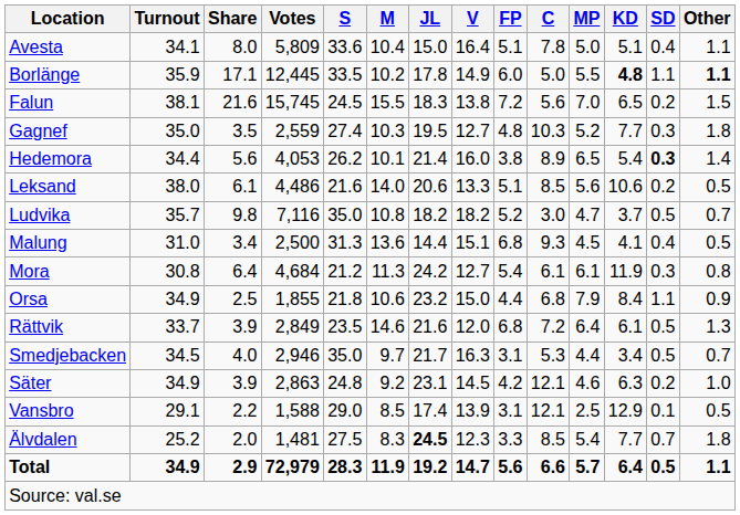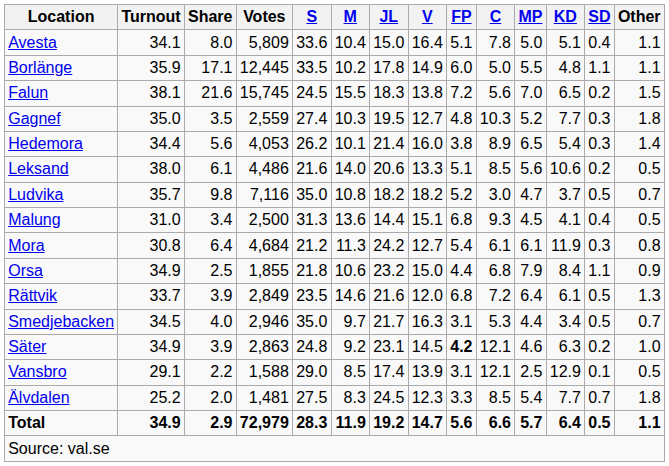 <table class="wikitable sortable" style=text-align:right>
 <tr>
 <th>Location</th>
 <th>Turnout</th>
 <th>Share</th>
 <th>Votes</th>
 <th><a href='#'>S</a></th>
 <th><a href='#'>M</a></th>
 <th><a href='#'>JL</a></th>
 <th><a href='#'>V</a></th>
 <th><a href='#'>FP</a></th>
 <th><a href='#'>C</a></th>
 <th><a href='#'>MP</a></th>
 <th><a href='#'>KD</a></th>
 <th><a href='#'>SD</a></th>
 <th>Other</th>
 </tr>
 <tr>
 <td align=left><a href='#'>Avesta</a></td>
 <td>34.1</td>
 <td>8.0</td>
 <td>5,809</td>
 <td>33.6</td>
 <td>10.4</td>
 <td>15.0</td>
 <td>16.4</td>
 <td>5.1</td>
 <td>7.8</td>
 <td>5.0</td>
 <td>5.1</td>
 <td>0.4</td>
 <td>1.1</td>
 </tr>
 <tr>
 <td align=left><a href='#'>Borlänge</a></td>
 <td>35.9</td>
 <td>17.1</td>
 <td>12,445</td>
 <td>33.5</td>
 <td>10.2</td>
 <td>17.8</td>
 <td>14.9</td>
 <td>6.0</td>
 <td>5.0</td>
 <td>5.5</td>
-<td><strong>4.8</strong></td>
+<td>4.8</td>
 <td>1.1</td>
-<td><strong>1.1</strong></td>
+<td>1.1</td>
 </tr>
 <tr>
 <td align=left><a href='#'>Falun</a></td>
 <td>38.1</td>
 <td>21.6</td>
 <td>15,745</td>
 <td>24.5</td>
 <td>15.5</td>
 <td>18.3</td>
 <td>13.8</td>
 <td>7.2</td>
 <td>5.6</td>
 <td>7.0</td>
 <td>6.5</td>
 <td>0.2</td>
 <td>1.5</td>
 </tr>
 <tr>
 <td align=left><a href='#'>Gagnef</a></td>
 <td>35.0</td>
 <td>3.5</td>
 <td>2,559</td>
 <td>27.4</td>
 <td>10.3</td>
 <td>19.5</td>
 <td>12.7</td>
 <td>4.8</td>
 <td>10.3</td>
 <td>5.2</td>
 <td>7.7</td>
 <td>0.3</td>
 <td>1.8</td>
 </tr>
 <tr>
 <td align=left><a href='#'>Hedemora</a></td>
 <td>34.4</td>
 <td>5.6</td>
 <td>4,053</td>
 <td>26.2</td>
 <td>10.1</td>
 <td>21.4</td>
 <td>16.0</td>
 <td>3.8</td>
 <td>8.9</td>
 <td>6.5</td>
 <td>5.4</td>
-<td><strong>0.3</strong></td>
+<td>0.3</td>
 <td>1.4</td>
 </tr>
 <tr>
 <td align=left><a href='#'>Leksand</a></td>
 <td>38.0</td>
 <td>6.1</td>
 <td>4,486</td>
 <td>21.6</td>
 <td>14.0</td>
 <td>20.6</td>
 <td>13.3</td>
 <td>5.1</td>
 <td>8.5</td>
 <td>5.6</td>
 <td>10.6</td>
 <td>0.2</td>
 <td>0.5</td>
 </tr>
 <tr>
 <td align=left><a href='#'>Ludvika</a></td>
 <td>35.7</td>
 <td>9.8</td>
 <td>7,116</td>
 <td>35.0</td>
 <td>10.8</td>
 <td>18.2</td>
 <td>18.2</td>
 <td>5.2</td>
 <td>3.0</td>
 <td>4.7</td>
 <td>3.7</td>
 <td>0.5</td>
 <td>0.7</td>
 </tr>
 <tr>
 <td align=left><a href='#'>Malung</a></td>
 <td>31.0</td>
 <td>3.4</td>
 <td>2,500</td>
 <td>31.3</td>
 <td>13.6</td>
 <td>14.4</td>
 <td>15.1</td>
 <td>6.8</td>
 <td>9.3</td>
 <td>4.5</td>
 <td>4.1</td>
 <td>0.4</td>
 <td>0.5</td>
 </tr>
 <tr>
 <td align=left><a href='#'>Mora</a></td>
 <td>30.8</td>
 <td>6.4</td>
 <td>4,684</td>
 <td>21.2</td>
 <td>11.3</td>
 <td>24.2</td>
 <td>12.7</td>
 <td>5.4</td>
 <td>6.1</td>
 <td>6.1</td>
 <td>11.9</td>
 <td>0.3</td>
 <td>0.8</td>
 </tr>
 <tr>
 <td align=left><a href='#'>Orsa</a></td>
 <td>34.9</td>
 <td>2.5</td>
 <td>1,855</td>
 <td>21.8</td>
 <td>10.6</td>
 <td>23.2</td>
 <td>15.0</td>
 <td>4.4</td>
 <td>6.8</td>
 <td>7.9</td>
 <td>8.4</td>
 <td>1.1</td>
 <td>0.9</td>
 </tr>
 <tr>
 <td align=left><a href='#'>Rättvik</a></td>
 <td>33.7</td>
 <td>3.9</td>
 <td>2,849</td>
 <td>23.5</td>
 <td>14.6</td>
 <td>21.6</td>
 <td>12.0</td>
 <td>6.8</td>
 <td>7.2</td>
 <td>6.4</td>
 <td>6.1</td>
 <td>0.5</td>
 <td>1.3</td>
 </tr>
 <tr>
 <td align=left><a href='#'>Smedjebacken</a></td>
 <td>34.5</td>
 <td>4.0</td>
 <td>2,946</td>
 <td>35.0</td>
 <td>9.7</td>
 <td>21.7</td>
 <td>16.3</td>
 <td>3.1</td>
 <td>5.3</td>
 <td>4.4</td>
 <td>3.4</td>
 <td>0.5</td>
 <td>0.7</td>
 </tr>
 <tr>
 <td align=left><a href='#'>Säter</a></td>
 <td>34.9</td>
 <td>3.9</td>
 <td>2,863</td>
 <td>24.8</td>
 <td>9.2</td>
 <td>23.1</td>
 <td>14.5</td>
-<td>4.2</td>
+<td><strong>4.2</strong></td>
 <td>12.1</td>
 <td>4.6</td>
 <td>6.3</td>
 <td>0.2</td>
 <td>1.0</td>
 </tr>
 <tr>
 <td align=left><a href='#'>Vansbro</a></td>
 <td>29.1</td>
 <td>2.2</td>
 <td>1,588</td>
 <td>29.0</td>
 <td>8.5</td>
 <td>17.4</td>
 <td>13.9</td>
 <td>3.1</td>
 <td>12.1</td>
 <td>2.5</td>
 <td>12.9</td>
 <td>0.1</td>
 <td>0.5</td>
 </tr>
 <tr>
 <td align=left><a href='#'>Älvdalen</a></td>
 <td>25.2</td>
 <td>2.0</td>
 <td>1,481</td>
 <td>27.5</td>
 <td>8.3</td>
-<td><strong>24.5</strong></td>
+<td>24.5</td>
 <td>12.3</td>
 <td>3.3</td>
 <td>8.5</td>
 <td>5.4</td>
 <td>7.7</td>
 <td>0.7</td>
 <td>1.8</td>
 </tr>
 <tr>
 <td align=left><strong>Total</strong></td>
 <td><strong>34.9</strong></td>
 <td><strong>2.9</strong></td>
 <td><strong>72,979</strong></td>
 <td><strong>28.3</strong></td>
 <td><strong>11.9</strong></td>
 <td><strong>19.2</strong></td>
 <td><strong>14.7</strong></td>
 <td><strong>5.6</strong></td>
 <td><strong>6.6</strong></td>
 <td><strong>5.7</strong></td>
 <td><strong>6.4</strong></td>
 <td><strong>0.5</strong></td>
 <td><strong>1.1</strong></td>
 </tr>
 <tr>
 <td align=left colspan=14>Source: val.se </td>
 </tr>
 </table>
